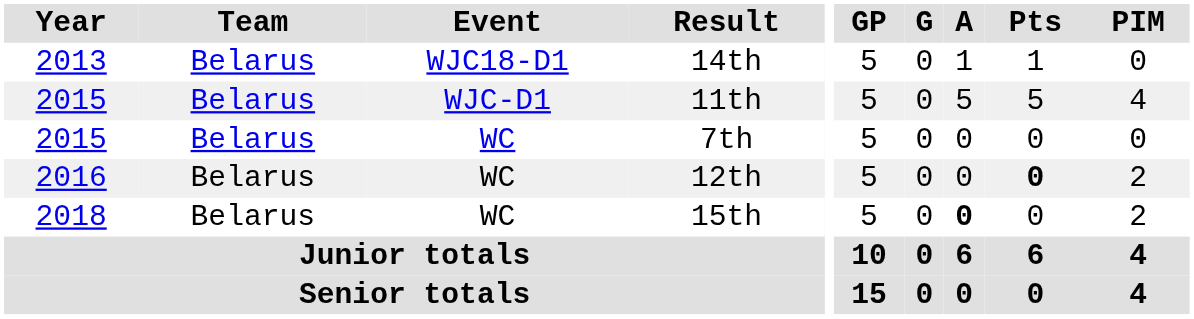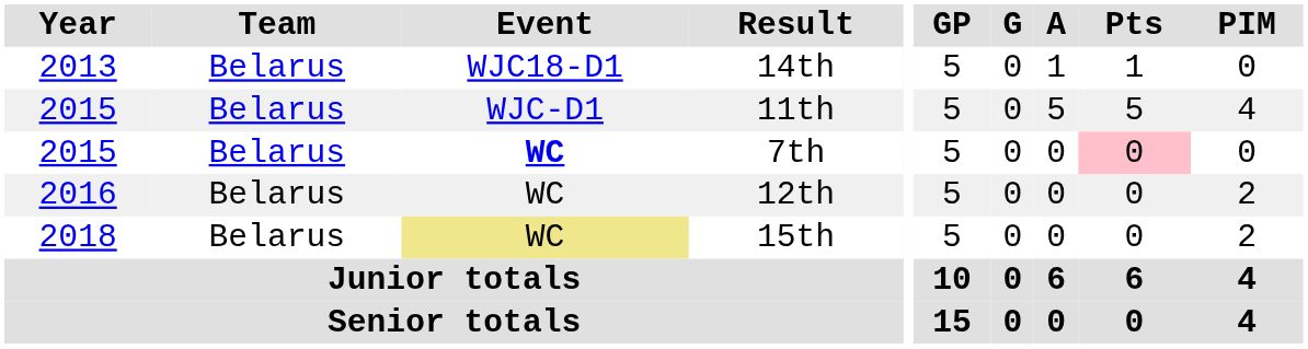 <table border="0" cellpadding="1" cellspacing="0" ID="Table3" style="text-align:center; width:40em">
 <tr ALIGN="center" bgcolor="#e0e0e0">
 <th>Year</th>
 <th>Team</th>
 <th>Event</th>
 <th>Result</th>
 <th rowspan="99" bgcolor="#ffffff"></th>
 <th>GP</th>
 <th>G</th>
 <th>A</th>
 <th>Pts</th>
 <th>PIM</th>
 </tr>
 <tr ALIGN="center">
 <td><a href='#'>2013</a></td>
 <td><a href='#'>Belarus</a></td>
 <td><a href='#'>WJC18-D1</a></td>
 <td>14th</td>
 <td>5</td>
 <td>0</td>
 <td>1</td>
 <td>1</td>
 <td>0</td>
 </tr>
 <tr ALIGN="center" bgcolor="#f0f0f0">
 <td><a href='#'>2015</a></td>
 <td><a href='#'>Belarus</a></td>
 <td><a href='#'>WJC-D1</a></td>
 <td>11th</td>
 <td>5</td>
 <td>0</td>
 <td>5</td>
 <td>5</td>
 <td>4</td>
 </tr>
 <tr ALIGN="center">
 <td><a href='#'>2015</a></td>
 <td><a href='#'>Belarus</a></td>
-<td><a href='#'>WC</a></td>
+<td><strong><a href='#'>WC</a></strong></td>
 <td>7th</td>
 <td>5</td>
 <td>0</td>
 <td>0</td>
-<td>0</td>
+<td style="background: pink;">0</td>
 <td>0</td>
 </tr>
 <tr bgcolor="#f0f0f0">
 <td><a href='#'>2016</a></td>
 <td>Belarus</td>
 <td>WC</td>
 <td>12th</td>
 <td>5</td>
 <td>0</td>
 <td>0</td>
-<td><strong>0</strong></td>
+<td>0</td>
 <td>2</td>
 </tr>
 <tr>
 <td><a href='#'>2018</a></td>
 <td>Belarus</td>
-<td>WC</td>
+<td style="background: khaki;">WC</td>
 <td>15th</td>
 <td>5</td>
 <td>0</td>
-<td><strong>0</strong></td>
+<td>0</td>
 <td>0</td>
 <td>2</td>
 </tr>
 <tr bgcolor="#e0e0e0">
 <th colspan="4">Junior totals</th>
 <th>10</th>
 <th>0</th>
 <th>6</th>
 <th>6</th>
 <th>4</th>
 </tr>
 <tr bgcolor="#e0e0e0">
 <th colspan="4">Senior totals</th>
 <th>15</th>
 <th>0</th>
 <th>0</th>
 <th>0</th>
 <th>4</th>
 </tr>
 </table>
